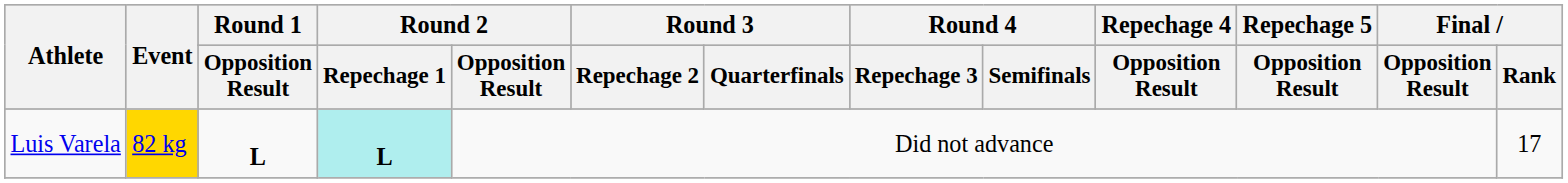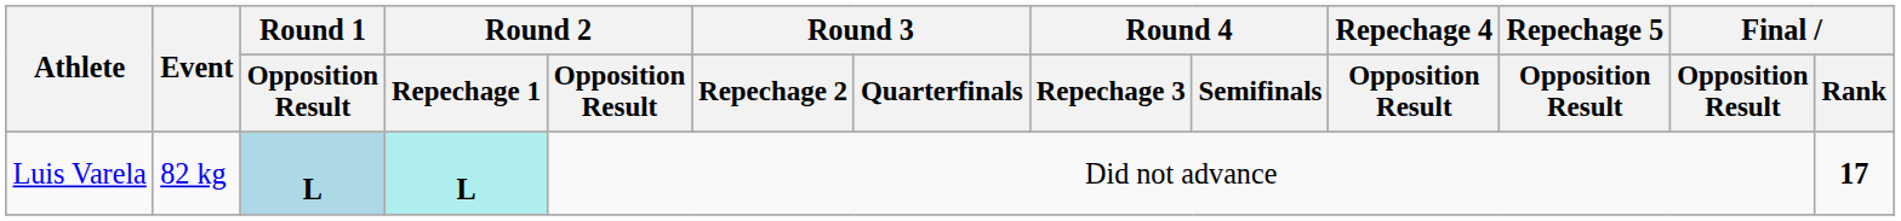 <table class="wikitable" style="font-size:90%">
 <tr>
 <th rowspan="2">Athlete</th>
 <th rowspan="2">Event</th>
 <th>Round 1</th>
 <th colspan=2>Round 2</th>
 <th colspan=2>Round 3</th>
 <th colspan=2>Round 4</th>
 <th>Repechage 4</th>
 <th>Repechage 5</th>
 <th colspan=2>Final / </th>
 </tr>
 <tr style="font-size:95%">
 <th>Opposition<br>Result</th>
 <th>Repechage 1</th>
 <th>Opposition<br>Result</th>
 <th>Repechage 2</th>
 <th>Quarterfinals</th>
 <th>Repechage 3</th>
 <th>Semifinals</th>
 <th>Opposition<br>Result</th>
 <th>Opposition<br>Result</th>
 <th>Opposition<br>Result</th>
 <th>Rank</th>
 </tr>
 <tr align=center>
 <td align=left><a href='#'>Luis Varela</a></td>
-<td align=left style="background: gold;"><a href='#'>82 kg</a></td>
-<td><br><strong>L</strong></td>
+<td align=left><a href='#'>82 kg</a></td>
+<td style="background: lightblue;"><br><strong>L</strong></td>
 <td style="background: paleturquoise;"><br><strong>L</strong></td>
 <td colspan=8>Did not advance</td>
-<td>17</td>
+<td><strong>17</strong></td>
 </tr>
 </table>
